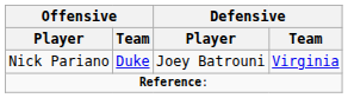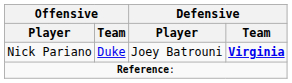 <table class="wikitable" style="text-align: center;">
 <tr>
 <th colspan="2">Offensive</th>
 <th colspan="2">Defensive</th>
 </tr>
 <tr>
 <th>Player</th>
 <th>Team</th>
 <th>Player</th>
 <th>Team</th>
 </tr>
 <tr>
 <td>Nick Pariano</td>
 <td><a href='#'>Duke</a></td>
 <td>Joey Batrouni</td>
-<td><a href='#'>Virginia</a></td>
+<td><strong><a href='#'>Virginia</a></strong></td>
 </tr>
 <tr>
 <td colspan="4"  style="font-size:8pt; text-align:center;"><strong>Reference</strong>:</td>
 </tr>
 </table>
